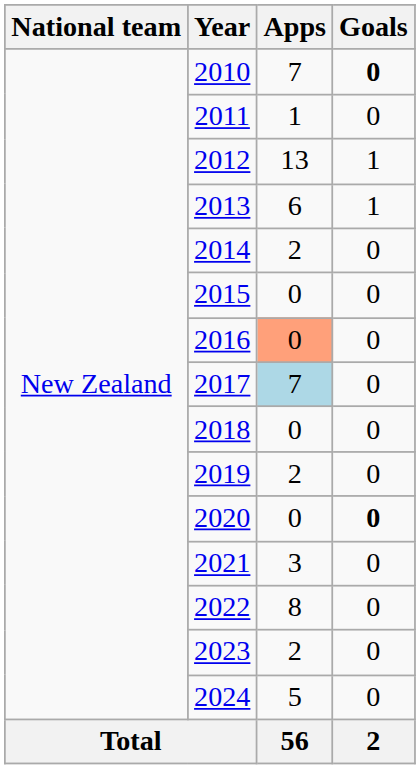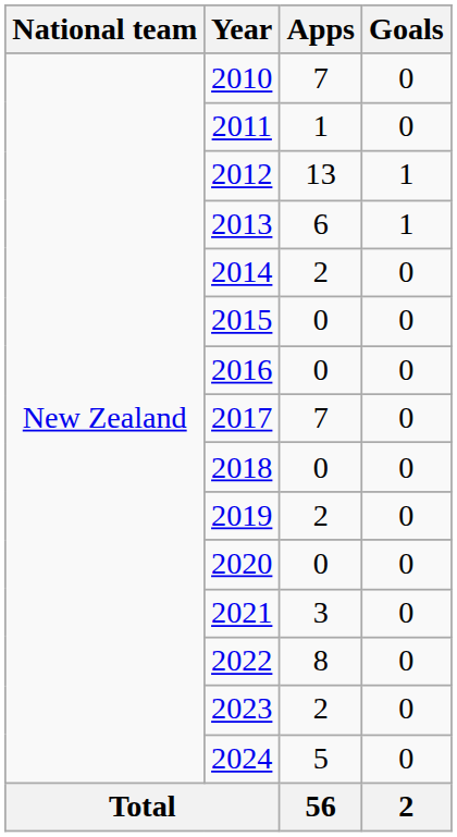 <table class="wikitable" style="text-align:center">
 <tr>
 <th>National team</th>
 <th>Year</th>
 <th>Apps</th>
 <th>Goals</th>
 </tr>
 <tr>
 <td rowspan="15"><a href='#'>New Zealand</a></td>
 <td><a href='#'>2010</a></td>
 <td>7</td>
-<td><strong>0</strong></td>
+<td>0</td>
 </tr>
 <tr>
 <td><a href='#'>2011</a></td>
 <td>1</td>
 <td>0</td>
 </tr>
 <tr>
 <td><a href='#'>2012</a></td>
 <td>13</td>
 <td>1</td>
 </tr>
 <tr>
 <td><a href='#'>2013</a></td>
 <td>6</td>
 <td>1</td>
 </tr>
 <tr>
 <td><a href='#'>2014</a></td>
 <td>2</td>
 <td>0</td>
 </tr>
 <tr>
 <td><a href='#'>2015</a></td>
 <td>0</td>
 <td>0</td>
 </tr>
 <tr>
 <td><a href='#'>2016</a></td>
-<td style="background: lightsalmon;">0</td>
+<td>0</td>
 <td>0</td>
 </tr>
 <tr>
 <td><a href='#'>2017</a></td>
-<td style="background: lightblue;">7</td>
+<td>7</td>
 <td>0</td>
 </tr>
 <tr>
 <td><a href='#'>2018</a></td>
 <td>0</td>
 <td>0</td>
 </tr>
 <tr>
 <td><a href='#'>2019</a></td>
 <td>2</td>
 <td>0</td>
 </tr>
 <tr>
 <td><a href='#'>2020</a></td>
 <td>0</td>
-<td><strong>0</strong></td>
+<td>0</td>
 </tr>
 <tr>
 <td><a href='#'>2021</a></td>
 <td>3</td>
 <td>0</td>
 </tr>
 <tr>
 <td><a href='#'>2022</a></td>
 <td>8</td>
 <td>0</td>
 </tr>
 <tr>
 <td><a href='#'>2023</a></td>
 <td>2</td>
 <td>0</td>
 </tr>
 <tr>
 <td><a href='#'>2024</a></td>
 <td>5</td>
 <td>0</td>
 </tr>
 <tr>
 <th colspan="2">Total</th>
 <th>56</th>
 <th>2</th>
 </tr>
 </table>
